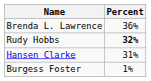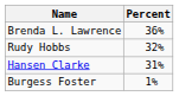 <table class="wikitable">
 <tr>
 <th>Name</th>
 <th>Percent</th>
 </tr>
 <tr>
 <td>Brenda L. Lawrence</td>
 <td>   36%</td>
 </tr>
 <tr>
 <td>Rudy Hobbs</td>
-<td><strong>   32%</strong></td>
+<td>   32%</td>
 </tr>
 <tr>
 <td><a href='#'>Hansen Clarke</a></td>
 <td>   31%</td>
 </tr>
 <tr>
 <td>Burgess Foster</td>
 <td>   1%</td>
 </tr>
 </table>
